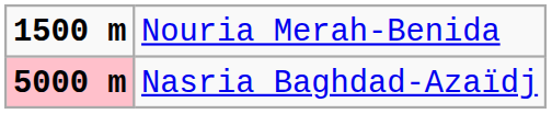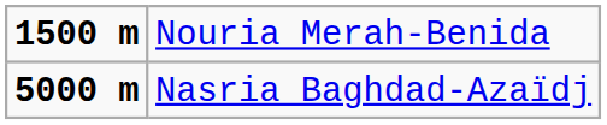 <table class="wikitable">
 <tr>
 <td><strong>1500 m</strong></td>
 <td><a href='#'>Nouria Merah-Benida</a></td>
 </tr>
 <tr>
-<td style="background: pink;"><strong>5000 m</strong></td>
+<td><strong>5000 m</strong></td>
 <td><a href='#'>Nasria Baghdad-Azaïdj</a></td>
 </tr>
 </table>
